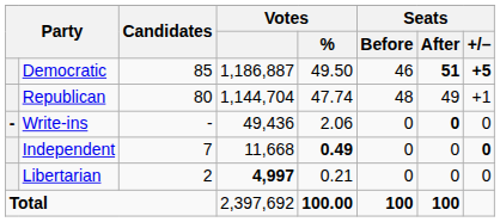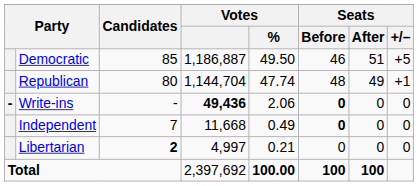 <table class="wikitable" style=text-align:right>
 <tr>
 </tr>
 <tr>
 <th rowspan="2" colspan="2">Party</th>
 <th rowspan="2">Candidates</th>
 <th colspan="2">Votes</th>
 <th colspan="3">Seats</th>
 </tr>
 <tr>
 <th></th>
 <th>%</th>
 <th>Before</th>
 <th>After</th>
 <th>+/–</th>
 </tr>
 <tr>
 <th style="background-color:"></th>
 <td align="left"><a href='#'>Democratic</a></td>
 <td>85</td>
 <td>1,186,887</td>
 <td>49.50</td>
 <td>46</td>
-<td><strong>51</strong></td>
-<td><strong>+5</strong></td>
+<td>51</td>
+<td>+5</td>
 </tr>
 <tr>
 <th style="background-color:"></th>
 <td align="left"><a href='#'>Republican</a></td>
 <td>80</td>
 <td>1,144,704</td>
 <td>47.74</td>
 <td>48</td>
 <td>49</td>
 <td>+1</td>
 </tr>
 <tr>
 <th>-</th>
 <td align="left"><a href='#'>Write-ins</a></td>
 <td>-</td>
-<td>49,436</td>
+<td><strong>49,436</strong></td>
 <td>2.06</td>
+<td><strong>0</strong></td>
 <td>0</td>
-<td><strong>0</strong></td>
 <td>0</td>
 </tr>
 <tr>
 <th style="background-color:"></th>
 <td align="left"><a href='#'>Independent</a></td>
 <td>7</td>
 <td>11,668</td>
-<td><strong>0.49</strong></td>
+<td>0.49</td>
+<td><strong>0</strong></td>
 <td>0</td>
 <td>0</td>
-<td><strong>0</strong></td>
 </tr>
 <tr>
 <th style="background-color:"></th>
 <td align="left"><a href='#'>Libertarian</a></td>
-<td>2</td>
-<td><strong>4,997</strong></td>
+<td><strong>2</strong></td>
+<td>4,997</td>
 <td>0.21</td>
 <td>0</td>
 <td>0</td>
 <td>0</td>
 </tr>
 <tr>
 <td colspan="3" align="left"><strong>Total</strong></td>
 <td>2,397,692</td>
 <td><strong>100.00</strong></td>
 <td><strong>100</strong></td>
 <td><strong>100</strong></td>
 <td></td>
 </tr>
 </table>
